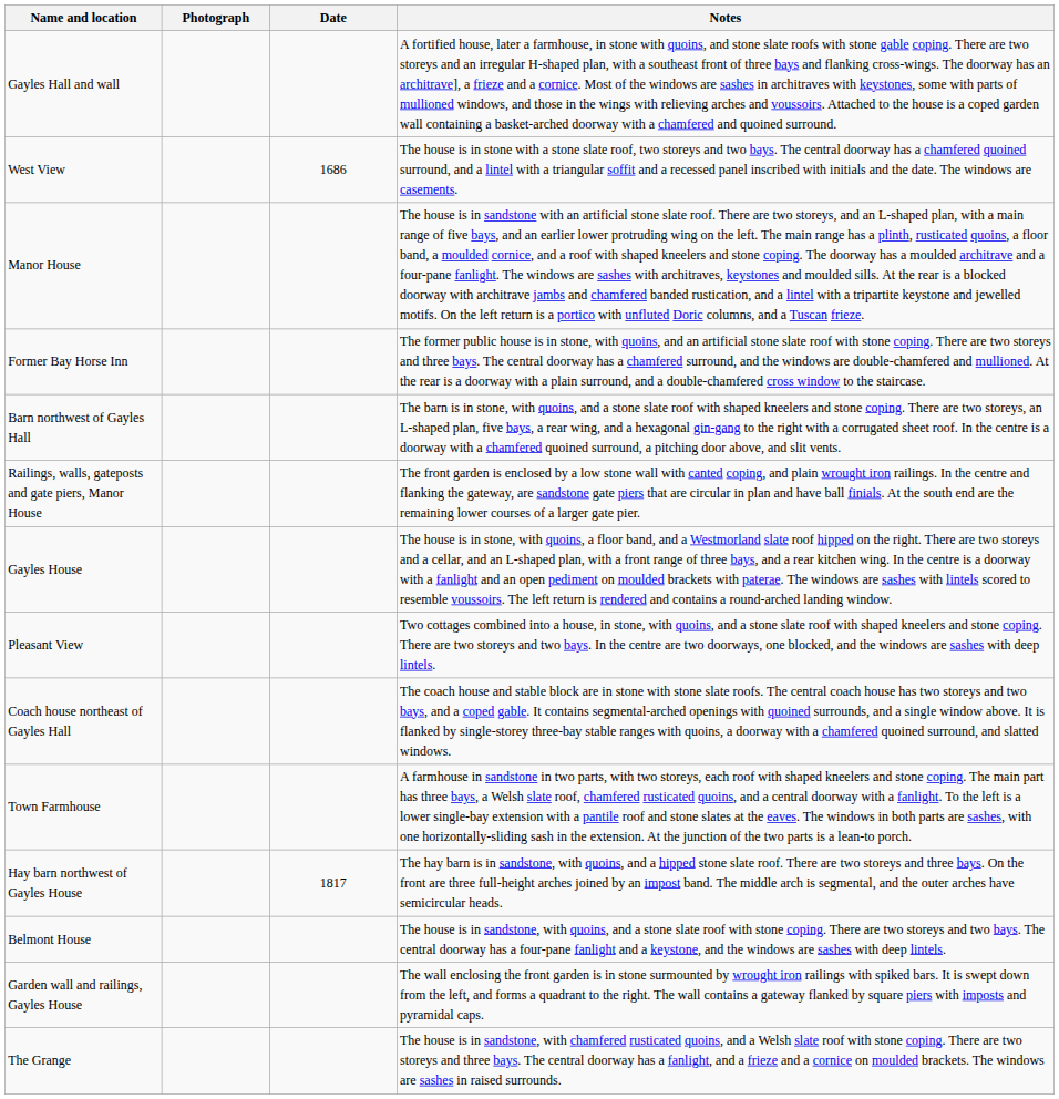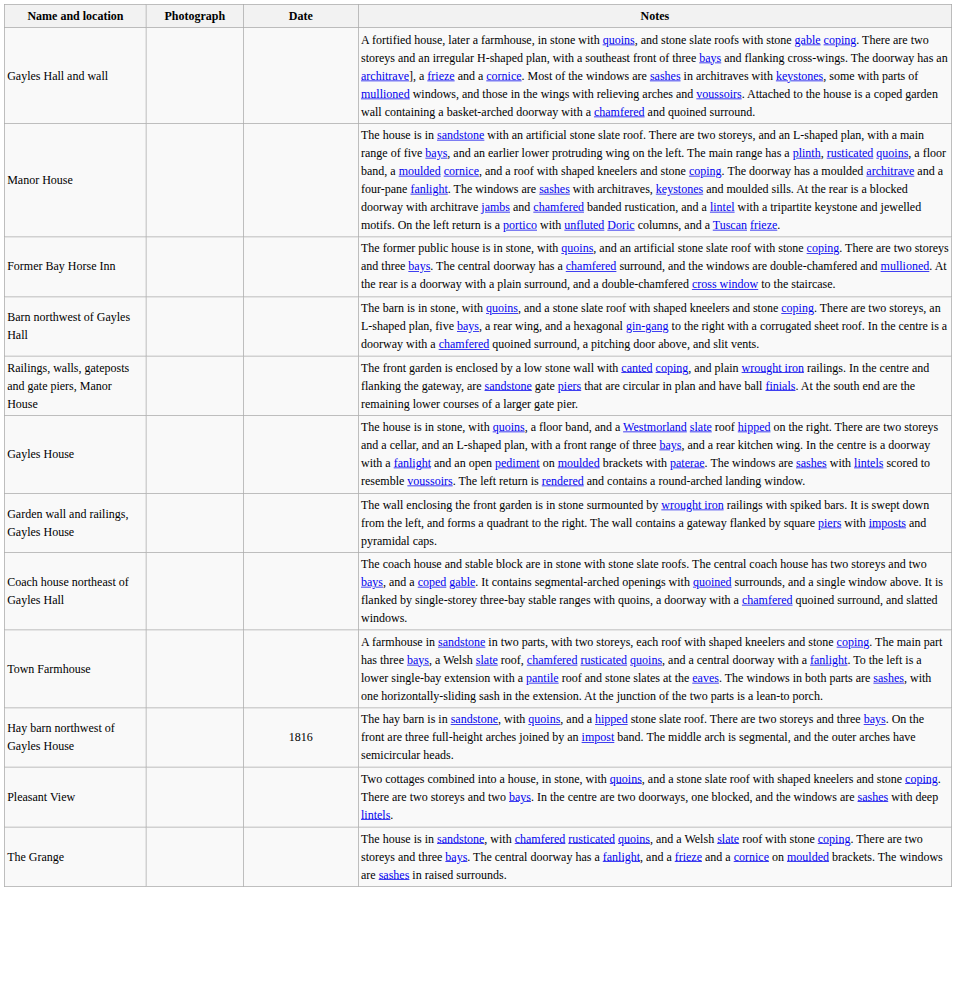 <table class="wikitable sortable plainrowheaders" style="width:100%;border:0px;text-align:left;line-height:150%;">
 <tr>
 <th scope="col"  style="width:150px">Name and location</th>
 <th scope="col"  style="width:100px" class="unsortable">Photograph</th>
 <th scope="col"  style="width:120px">Date</th>
 <th scope="col"  style="width:650px" class ="unsortable">Notes</th>
 </tr>
 <tr>
 <td>Gayles Hall and wall<br><small></small></td>
 <td></td>
 <td align="center"></td>
 <td>A fortified house, later a farmhouse, in stone with <a href='#'>quoins</a>, and stone slate roofs with stone <a href='#'>gable</a> <a href='#'>coping</a>.  There are two storeys and an irregular H-shaped plan, with a southeast front of three <a href='#'>bays</a> and flanking cross-wings.  The doorway has an <a href='#'>architrave</a>], a <a href='#'>frieze</a> and a <a href='#'>cornice</a>.  Most of the windows are <a href='#'>sashes</a> in architraves with <a href='#'>keystones</a>, some with parts of <a href='#'>mullioned</a> windows, and those in the wings with relieving arches and <a href='#'>voussoirs</a>.  Attached to the house is a coped garden wall containing a basket-arched doorway with a <a href='#'>chamfered</a> and quoined surround.</td>
-</tr>
-<tr>
-<td>West View<br><small></small></td>
-<td></td>
-<td align="center">1686</td>
-<td>The house is in stone with a stone slate roof, two storeys and two <a href='#'>bays</a>.  The central doorway has a <a href='#'>chamfered</a> <a href='#'>quoined</a> surround, and a <a href='#'>lintel</a> with a triangular <a href='#'>soffit</a> and a recessed panel inscribed with initials and the date.  The windows are <a href='#'>casements</a>.</td>
 </tr>
 <tr>
 <td>Manor House<br><small></small></td>
 <td></td>
 <td align="center"></td>
 <td>The house is in <a href='#'>sandstone</a> with an artificial stone slate roof.  There are two storeys, and an L-shaped plan, with a main range of five <a href='#'>bays</a>, and an earlier lower protruding wing on the left.  The main range has a <a href='#'>plinth</a>, <a href='#'>rusticated</a> <a href='#'>quoins</a>, a floor band, a <a href='#'>moulded</a> <a href='#'>cornice</a>, and a roof with shaped kneelers and stone <a href='#'>coping</a>.  The doorway has a moulded <a href='#'>architrave</a> and a four-pane <a href='#'>fanlight</a>.  The windows are <a href='#'>sashes</a> with architraves, <a href='#'>keystones</a> and moulded sills. At the rear is a blocked doorway with architrave <a href='#'>jambs</a> and <a href='#'>chamfered</a> banded rustication, and a <a href='#'>lintel</a> with a tripartite keystone and jewelled motifs.  On the left return is a <a href='#'>portico</a> with <a href='#'>unfluted</a> <a href='#'>Doric</a> columns, and a <a href='#'>Tuscan</a> <a href='#'>frieze</a>.</td>
 </tr>
 <tr>
 <td>Former Bay Horse Inn<br><small></small></td>
 <td></td>
 <td align="center"></td>
 <td>The former public house is in stone, with <a href='#'>quoins</a>, and an artificial stone slate roof with stone <a href='#'>coping</a>.  There are two storeys and three <a href='#'>bays</a>.  The central doorway has a <a href='#'>chamfered</a> surround, and the windows are double-chamfered and <a href='#'>mullioned</a>.  At the rear is a doorway with a plain surround, and a double-chamfered <a href='#'>cross window</a> to the staircase.</td>
 </tr>
 <tr>
 <td>Barn northwest of Gayles Hall<br><small></small></td>
 <td></td>
 <td align="center"></td>
 <td>The barn is in stone, with <a href='#'>quoins</a>, and a stone slate roof with shaped kneelers and stone <a href='#'>coping</a>.  There are two storeys, an L-shaped plan, five <a href='#'>bays</a>, a rear wing, and a hexagonal <a href='#'>gin-gang</a> to the right with a corrugated sheet roof.  In the centre is a doorway with a <a href='#'>chamfered</a> quoined surround, a pitching door above, and slit vents.</td>
 </tr>
 <tr>
 <td>Railings, walls, gateposts and gate piers, Manor House<br><small></small></td>
 <td></td>
 <td align="center"></td>
 <td>The front garden is enclosed by a low stone wall with <a href='#'>canted</a> <a href='#'>coping</a>, and plain <a href='#'>wrought iron</a> railings.  In the centre and flanking the gateway, are <a href='#'>sandstone</a> gate <a href='#'>piers</a> that are circular in plan and have ball <a href='#'>finials</a>.  At the south end are the remaining lower courses of a larger gate pier.</td>
 </tr>
 <tr>
 <td>Gayles House<br><small></small></td>
 <td></td>
 <td align="center"></td>
 <td>The house is in stone, with <a href='#'>quoins</a>, a floor band, and a <a href='#'>Westmorland</a> <a href='#'>slate</a> roof <a href='#'>hipped</a> on the right.  There are two storeys and a cellar, and an L-shaped plan, with a front range of three <a href='#'>bays</a>, and a rear kitchen wing.  In the centre is a doorway with a <a href='#'>fanlight</a> and an open <a href='#'>pediment</a> on <a href='#'>moulded</a> brackets with <a href='#'>paterae</a>.  The windows are <a href='#'>sashes</a> with <a href='#'>lintels</a> scored to resemble <a href='#'>voussoirs</a>.  The left return is <a href='#'>rendered</a> and contains a round-arched landing window.</td>
 </tr>
 <tr>
-<td>Pleasant View<br><small></small></td>
+<td>Garden wall and railings, Gayles House<br><small></small></td>
 <td></td>
 <td align="center"></td>
-<td>Two cottages combined into a house, in stone, with <a href='#'>quoins</a>, and a stone slate roof with shaped kneelers and stone <a href='#'>coping</a>.  There are two storeys and two <a href='#'>bays</a>. In the centre are two doorways, one blocked, and the windows are <a href='#'>sashes</a> with deep <a href='#'>lintels</a>.</td>
+<td>The wall enclosing the front garden is in stone surmounted by <a href='#'>wrought iron</a> railings with spiked bars.  It is swept down from the left, and forms a quadrant to the right.  The wall contains a gateway flanked by square <a href='#'>piers</a> with <a href='#'>imposts</a> and pyramidal caps.</td>
 </tr>
 <tr>
 <td>Coach house northeast of Gayles Hall<br><small></small></td>
 <td></td>
 <td align="center"></td>
 <td>The coach house and stable block are in stone with stone slate roofs.  The central coach house has two storeys and two <a href='#'>bays</a>, and a <a href='#'>coped</a> <a href='#'>gable</a>.  It contains segmental-arched openings with <a href='#'>quoined</a> surrounds, and a single window above.  It is flanked by single-storey three-bay stable ranges with quoins, a doorway with a <a href='#'>chamfered</a> quoined surround, and slatted windows.</td>
 </tr>
 <tr>
 <td>Town Farmhouse<br><small></small></td>
 <td></td>
 <td align="center"></td>
 <td>A farmhouse in <a href='#'>sandstone</a> in two parts, with two storeys, each roof with shaped kneelers and stone <a href='#'>coping</a>.  The main part has three <a href='#'>bays</a>, a Welsh <a href='#'>slate</a> roof, <a href='#'>chamfered</a> <a href='#'>rusticated</a> <a href='#'>quoins</a>, and a central doorway with a <a href='#'>fanlight</a>.  To the left is a lower single-bay extension with a <a href='#'>pantile</a> roof and stone slates at the <a href='#'>eaves</a>.  The windows in both parts are <a href='#'>sashes</a>, with one horizontally-sliding sash in the extension.  At the junction of the two parts is a lean-to porch.</td>
 </tr>
 <tr>
 <td>Hay barn northwest of Gayles House<br><small></small></td>
 <td></td>
-<td align="center">1817</td>
+<td align="center">1816</td>
 <td>The hay barn is in <a href='#'>sandstone</a>, with <a href='#'>quoins</a>, and a <a href='#'>hipped</a> stone slate roof.  There are two storeys and three <a href='#'>bays</a>.  On the front are three full-height arches joined by an <a href='#'>impost</a> band.  The middle arch is segmental, and the outer arches have semicircular heads.</td>
 </tr>
 <tr>
-<td>Belmont House<br><small></small></td>
+<td>Pleasant View<br><small></small></td>
 <td></td>
 <td align="center"></td>
-<td>The house is in <a href='#'>sandstone</a>, with <a href='#'>quoins</a>, and a stone slate roof with stone <a href='#'>coping</a>.  There are two storeys and two <a href='#'>bays</a>.  The central doorway has a four-pane <a href='#'>fanlight</a> and a <a href='#'>keystone</a>, and the windows are <a href='#'>sashes</a> with deep <a href='#'>lintels</a>.</td>
-</tr>
-<tr>
-<td>Garden wall and railings, Gayles House<br><small></small></td>
-<td></td>
-<td align="center"></td>
-<td>The wall enclosing the front garden is in stone surmounted by <a href='#'>wrought iron</a> railings with spiked bars.  It is swept down from the left, and forms a quadrant to the right.  The wall contains a gateway flanked by square <a href='#'>piers</a> with <a href='#'>imposts</a> and pyramidal caps.</td>
+<td>Two cottages combined into a house, in stone, with <a href='#'>quoins</a>, and a stone slate roof with shaped kneelers and stone <a href='#'>coping</a>.  There are two storeys and two <a href='#'>bays</a>. In the centre are two doorways, one blocked, and the windows are <a href='#'>sashes</a> with deep <a href='#'>lintels</a>.</td>
 </tr>
 <tr>
 <td>The Grange<br><small></small></td>
 <td></td>
 <td align="center"></td>
 <td>The house is in <a href='#'>sandstone</a>, with <a href='#'>chamfered</a> <a href='#'>rusticated</a> <a href='#'>quoins</a>, and a Welsh <a href='#'>slate</a> roof with stone <a href='#'>coping</a>.  There are two storeys and three <a href='#'>bays</a>.  The central doorway has a <a href='#'>fanlight</a>, and a <a href='#'>frieze</a> and a <a href='#'>cornice</a> on <a href='#'>moulded</a> brackets.  The windows are <a href='#'>sashes</a> in raised surrounds.</td>
 </tr>
 <tr>
 </tr>
 </table>
